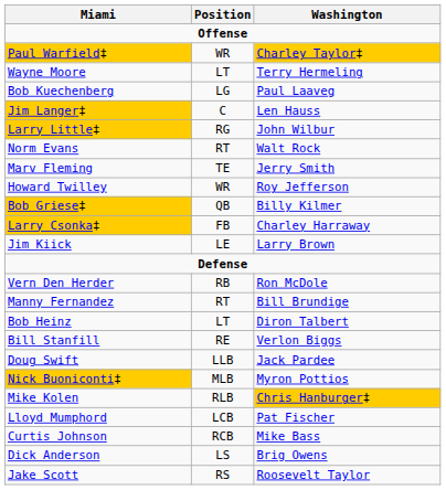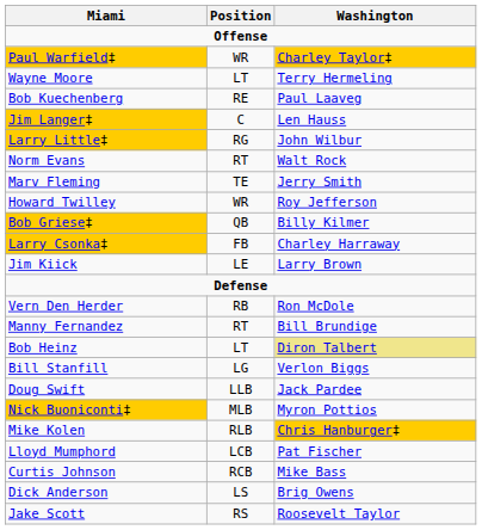 <table class="wikitable">
 <tr>
 <th style="width:200px">Miami</th>
 <th>Position</th>
 <th style="width:200px">Washington</th>
 </tr>
 <tr>
 <td colspan="3" style="text-align:center;"><strong>Offense</strong></td>
 </tr>
 <tr>
 <td bgcolor="#FFCC00"><a href='#'>Paul Warfield</a>‡</td>
 <td style="text-align:center;">WR</td>
 <td bgcolor="#FFCC00"><a href='#'>Charley Taylor</a>‡</td>
 </tr>
 <tr>
 <td><a href='#'>Wayne Moore</a></td>
 <td style="text-align:center;">LT</td>
 <td><a href='#'>Terry Hermeling</a></td>
 </tr>
 <tr>
 <td><a href='#'>Bob Kuechenberg</a></td>
-<td style="text-align:center;">LG</td>
+<td style="text-align:center;">RE</td>
 <td><a href='#'>Paul Laaveg</a></td>
 </tr>
 <tr>
 <td bgcolor="#FFCC00"><a href='#'>Jim Langer</a>‡</td>
 <td style="text-align:center;">C</td>
 <td><a href='#'>Len Hauss</a></td>
 </tr>
 <tr>
 <td bgcolor="#FFCC00"><a href='#'>Larry Little</a>‡</td>
 <td style="text-align:center;">RG</td>
 <td><a href='#'>John Wilbur</a></td>
 </tr>
 <tr>
 <td><a href='#'>Norm Evans</a></td>
 <td style="text-align:center;">RT</td>
 <td><a href='#'>Walt Rock</a></td>
 </tr>
 <tr>
 <td><a href='#'>Marv Fleming</a></td>
 <td style="text-align:center;">TE</td>
 <td><a href='#'>Jerry Smith</a></td>
 </tr>
 <tr>
 <td><a href='#'>Howard Twilley</a></td>
 <td style="text-align:center;">WR</td>
 <td><a href='#'>Roy Jefferson</a></td>
 </tr>
 <tr>
 <td bgcolor="#FFCC00"><a href='#'>Bob Griese</a>‡</td>
 <td style="text-align:center;">QB</td>
 <td><a href='#'>Billy Kilmer</a></td>
 </tr>
 <tr>
 <td bgcolor="#FFCC00"><a href='#'>Larry Csonka</a>‡</td>
 <td style="text-align:center;">FB</td>
 <td><a href='#'>Charley Harraway</a></td>
 </tr>
 <tr>
 <td><a href='#'>Jim Kiick</a></td>
 <td style="text-align:center;">LE</td>
 <td><a href='#'>Larry Brown</a></td>
 </tr>
 <tr>
 <td colspan="3" style="text-align:center;"><strong>Defense</strong></td>
 </tr>
 <tr>
 <td><a href='#'>Vern Den Herder</a></td>
 <td style="text-align:center;">RB</td>
 <td><a href='#'>Ron McDole</a></td>
 </tr>
 <tr>
 <td><a href='#'>Manny Fernandez</a></td>
 <td style="text-align:center;">RT</td>
 <td><a href='#'>Bill Brundige</a></td>
 </tr>
 <tr>
 <td><a href='#'>Bob Heinz</a></td>
 <td style="text-align:center;">LT</td>
-<td><a href='#'>Diron Talbert</a></td>
+<td style="background: khaki;"><a href='#'>Diron Talbert</a></td>
 </tr>
 <tr>
 <td><a href='#'>Bill Stanfill</a></td>
-<td style="text-align:center;">RE</td>
+<td style="text-align:center;">LG</td>
 <td><a href='#'>Verlon Biggs</a></td>
 </tr>
 <tr>
 <td><a href='#'>Doug Swift</a></td>
 <td style="text-align:center;">LLB</td>
 <td><a href='#'>Jack Pardee</a></td>
 </tr>
 <tr>
 <td bgcolor="#FFCC00"><a href='#'>Nick Buoniconti</a>‡</td>
 <td style="text-align:center;">MLB</td>
 <td><a href='#'>Myron Pottios</a></td>
 </tr>
 <tr>
 <td><a href='#'>Mike Kolen</a></td>
 <td style="text-align:center;">RLB</td>
 <td bgcolor="#FFCC00"><a href='#'>Chris Hanburger</a>‡</td>
 </tr>
 <tr>
 <td><a href='#'>Lloyd Mumphord</a></td>
 <td style="text-align:center;">LCB</td>
 <td><a href='#'>Pat Fischer</a></td>
 </tr>
 <tr>
 <td><a href='#'>Curtis Johnson</a></td>
 <td style="text-align:center;">RCB</td>
 <td><a href='#'>Mike Bass</a></td>
 </tr>
 <tr>
 <td><a href='#'>Dick Anderson</a></td>
 <td style="text-align:center;">LS</td>
 <td><a href='#'>Brig Owens</a></td>
 </tr>
 <tr>
 <td><a href='#'>Jake Scott</a></td>
 <td style="text-align:center;">RS</td>
 <td><a href='#'>Roosevelt Taylor</a></td>
 </tr>
 </table>
